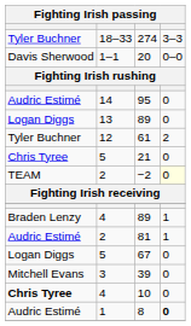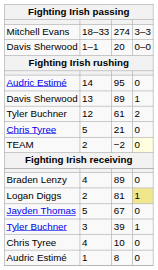 <table class="wikitable plainrowheaders">
 <tr>
 <th colspan="6">Fighting Irish passing</th>
 </tr>
 <tr>
 <th scope="col"></th>
 <th scope="col"></th>
 <th scope="col"></th>
 <th scope="col"></th>
 </tr>
 <tr>
-<td><a href='#'>Tyler Buchner</a></td>
+<td>Mitchell Evans</td>
 <td>18–33</td>
 <td>274</td>
 <td>3–3</td>
 </tr>
 <tr>
 <td>Davis Sherwood</td>
 <td>1–1</td>
 <td>20</td>
 <td>0–0</td>
 </tr>
 <tr>
 <th colspan="6">Fighting Irish rushing</th>
 </tr>
 <tr>
 <th scope="col"></th>
 <th scope="col"></th>
 <th scope="col"></th>
 <th scope="col"></th>
 </tr>
 <tr>
 <td><a href='#'>Audric Estimé</a></td>
 <td>14</td>
 <td>95</td>
 <td>0</td>
 </tr>
 <tr>
-<td><a href='#'>Logan Diggs</a></td>
+<td>Davis Sherwood</td>
 <td>13</td>
 <td>89</td>
-<td>0</td>
+<td>1</td>
 </tr>
 <tr>
 <td>Tyler Buchner</td>
 <td>12</td>
 <td>61</td>
 <td>2</td>
 </tr>
 <tr>
 <td><a href='#'>Chris Tyree</a></td>
 <td>5</td>
 <td>21</td>
 <td>0</td>
 </tr>
 <tr>
 <td>TEAM</td>
 <td>2</td>
 <td>−2</td>
 <td style="background: lightyellow;">0</td>
 </tr>
 <tr>
 <th colspan="6">Fighting Irish receiving</th>
 </tr>
 <tr>
 </tr>
 <tr>
 <th scope="col"></th>
 <th scope="col"></th>
 <th scope="col"></th>
 <th scope="col"></th>
 </tr>
 <tr>
 <td>Braden Lenzy</td>
 <td>4</td>
 <td>89</td>
-<td>1</td>
-</tr>
-<tr>
-<td><a href='#'>Audric Estimé</a></td>
-<td>2</td>
-<td>81</td>
-<td>1</td>
+<td>0</td>
 </tr>
 <tr>
 <td>Logan Diggs</td>
+<td>2</td>
+<td>81</td>
+<td style="background: khaki;">1</td>
+</tr>
+<tr>
+<td><a href='#'>Jayden Thomas</a></td>
 <td>5</td>
 <td>67</td>
 <td>0</td>
 </tr>
 <tr>
-<td>Mitchell Evans</td>
+<td><a href='#'>Tyler Buchner</a></td>
 <td>3</td>
 <td>39</td>
-<td>0</td>
+<td>1</td>
 </tr>
 <tr>
-<td><strong>Chris Tyree</strong></td>
+<td>Chris Tyree</td>
 <td>4</td>
 <td>10</td>
 <td>0</td>
 </tr>
 <tr>
 <td>Audric Estimé</td>
 <td>1</td>
 <td>8</td>
-<td><strong>0</strong></td>
+<td>0</td>
 </tr>
 <tr>
 </tr>
 </table>
